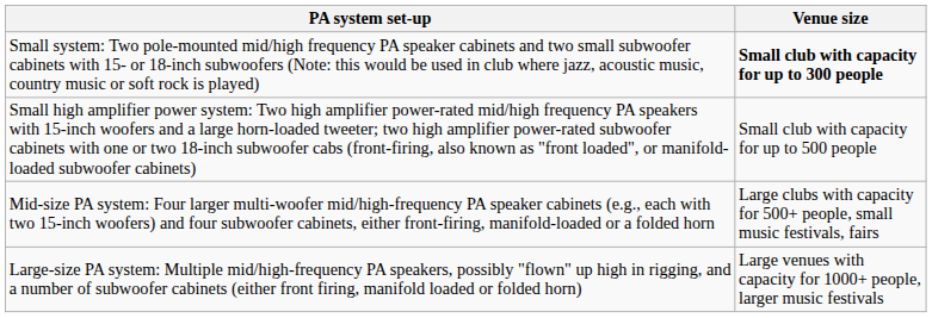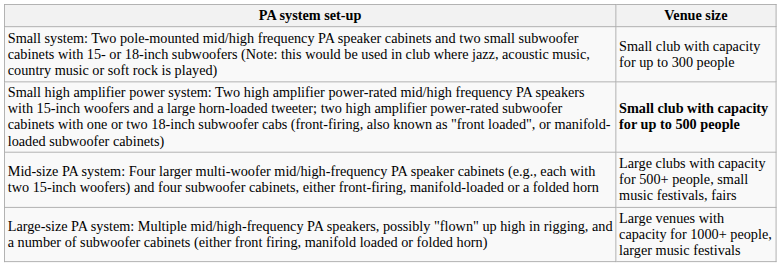 <table class="wikitable">
 <tr>
 <th>PA system set-up</th>
 <th>Venue size</th>
 </tr>
 <tr>
 <td>Small system: Two pole-mounted mid/high frequency PA speaker cabinets and two small subwoofer cabinets with 15- or 18-inch subwoofers (Note: this would be used in club where jazz, acoustic music, country music or soft rock is played)</td>
-<td><strong>Small club with capacity for up to 300 people</strong></td>
+<td>Small club with capacity for up to 300 people</td>
 </tr>
 <tr>
 <td>Small high amplifier power system: Two high amplifier power-rated mid/high frequency PA speakers with 15-inch woofers and a large horn-loaded tweeter; two high amplifier power-rated subwoofer cabinets with one or two 18-inch subwoofer cabs (front-firing, also known as "front loaded", or manifold-loaded subwoofer cabinets)</td>
-<td>Small club with capacity for up to 500 people</td>
+<td><strong>Small club with capacity for up to 500 people</strong></td>
 </tr>
 <tr>
 <td>Mid-size PA system: Four larger multi-woofer mid/high-frequency PA speaker cabinets (e.g., each with two 15-inch woofers) and four subwoofer cabinets, either front-firing, manifold-loaded or a folded horn</td>
 <td>Large clubs with capacity for 500+ people, small music festivals, fairs</td>
 </tr>
 <tr>
 <td>Large-size PA system: Multiple mid/high-frequency PA speakers, possibly "flown" up high in rigging, and a number of subwoofer cabinets (either front firing, manifold loaded or folded horn)</td>
 <td>Large venues with capacity for 1000+ people, larger music festivals</td>
 </tr>
 </table>
